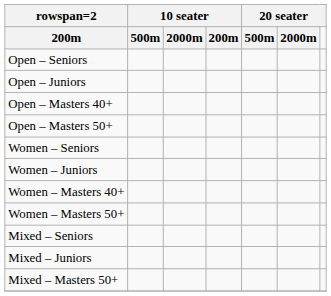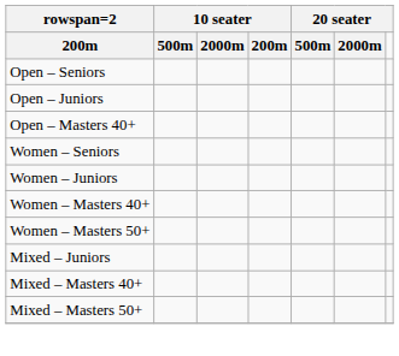 <table class="wikitable" style="margin:0.5em auto; font-size:90%; line-height:1.25em; text-align:center;">
 <tr>
 <th>rowspan=2 </th>
 <th colspan=3>10 seater</th>
 <th colspan=3>20 seater</th>
 </tr>
 <tr>
 <th>200m</th>
 <th>500m</th>
 <th>2000m</th>
 <th>200m</th>
 <th>500m</th>
 <th>2000m</th>
 </tr>
 <tr>
 <td align=left>Open – Seniors</td>
 <td></td>
 <td></td>
 <td></td>
 <td></td>
 <td></td>
 <td></td>
 </tr>
 <tr>
 <td align=left>Open – Juniors</td>
 <td></td>
 <td></td>
 <td></td>
 <td></td>
 <td></td>
 <td></td>
 </tr>
 <tr>
 <td align=left>Open – Masters 40+</td>
-<td></td>
-<td></td>
-<td></td>
-<td></td>
-<td></td>
-<td></td>
-</tr>
-<tr>
-<td align=left>Open – Masters 50+</td>
 <td></td>
 <td></td>
 <td></td>
 <td></td>
 <td></td>
 <td></td>
 </tr>
 <tr>
 <td align=left>Women – Seniors</td>
 <td></td>
 <td></td>
 <td></td>
 <td></td>
 <td></td>
 <td></td>
 </tr>
 <tr>
 <td align=left>Women – Juniors</td>
 <td></td>
 <td></td>
 <td></td>
 <td></td>
 <td></td>
 <td></td>
 </tr>
 <tr>
 <td align=left>Women – Masters 40+</td>
 <td></td>
 <td></td>
 <td></td>
 <td></td>
 <td></td>
 <td></td>
 </tr>
 <tr>
 <td align=left>Women – Masters 50+</td>
 <td></td>
 <td></td>
 <td></td>
 <td></td>
 <td></td>
 <td></td>
 </tr>
 <tr>
-<td align=left>Mixed – Seniors</td>
+<td align=left>Mixed – Juniors</td>
 <td></td>
 <td></td>
 <td></td>
 <td></td>
 <td></td>
 <td></td>
 </tr>
 <tr>
-<td align=left>Mixed – Juniors</td>
+<td align=left>Mixed – Masters 40+</td>
 <td></td>
 <td></td>
 <td></td>
 <td></td>
 <td></td>
 <td></td>
 </tr>
 <tr>
 <td align=left>Mixed – Masters 50+</td>
 <td></td>
 <td></td>
 <td></td>
 <td></td>
 <td></td>
 <td></td>
 </tr>
 <tr>
 </tr>
 </table>
